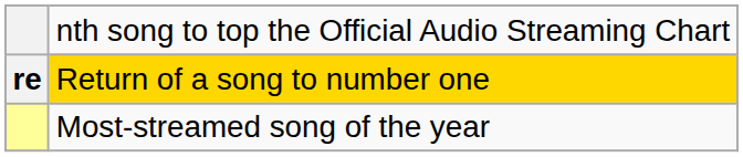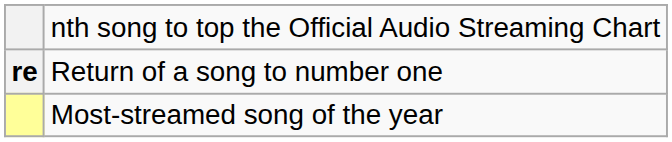 <table class="wikitable plainrowheaders sortable" style="font-size:90%;">
 <tr>
 <th scope=col></th>
 <td>nth song to top the Official Audio Streaming Chart</td>
 </tr>
 <tr>
 <th scope=row style="text-align:center;">re</th>
-<td style="background: gold;">Return of a song to number one</td>
+<td>Return of a song to number one</td>
 </tr>
 <tr>
 <td style="background:#ff9; text-align:center;"></td>
 <td>Most-streamed song of the year</td>
 </tr>
 </table>
